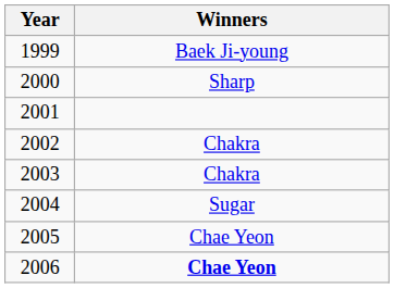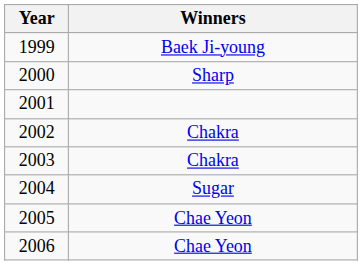 <table class="wikitable" style="text-align:center;">
 <tr>
 <th width="50">Year</th>
 <th width="250">Winners</th>
 </tr>
 <tr>
 <td>1999</td>
 <td><a href='#'>Baek Ji-young</a></td>
 </tr>
 <tr>
 <td>2000</td>
 <td><a href='#'>Sharp</a></td>
 </tr>
 <tr>
 <td>2001</td>
 <td></td>
 </tr>
 <tr>
 <td>2002</td>
 <td><a href='#'>Chakra</a></td>
 </tr>
 <tr>
 <td>2003</td>
 <td><a href='#'>Chakra</a></td>
 </tr>
 <tr>
 <td>2004</td>
 <td><a href='#'>Sugar</a></td>
 </tr>
 <tr>
 <td>2005</td>
 <td><a href='#'>Chae Yeon</a></td>
 </tr>
 <tr>
 <td>2006</td>
-<td><strong><a href='#'>Chae Yeon</a></strong></td>
+<td><a href='#'>Chae Yeon</a></td>
 </tr>
 </table>
